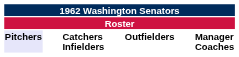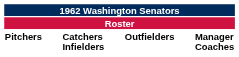 <table class="toccolours" style="font-size: 95%;">
 <tr>
 <th colspan="10" style="background-color: #002B5C; color: #FFFFFF; text-align: center;">1962 Washington Senators</th>
 </tr>
 <tr>
 <td colspan="10" style="background-color: #CE1141; color: #FFFFFF; text-align: center;"><strong>Roster</strong></td>
 </tr>
 <tr>
-<td valign="top" style="background: lavender;"><strong>Pitchers</strong><br>               </td>
+<td valign="top"><strong>Pitchers</strong><br>               </td>
 <td width="25px"></td>
 <td valign="top"><strong>Catchers</strong><br>  <strong>Infielders</strong>           </td>
 <td width="25px"></td>
 <td valign="top"><strong>Outfielders</strong><br>      </td>
 <td width="25px"></td>
 <td valign="top"><strong>Manager</strong><br> <strong>Coaches</strong>    </td>
 </tr>
 <tr>
 </tr>
 </table>
